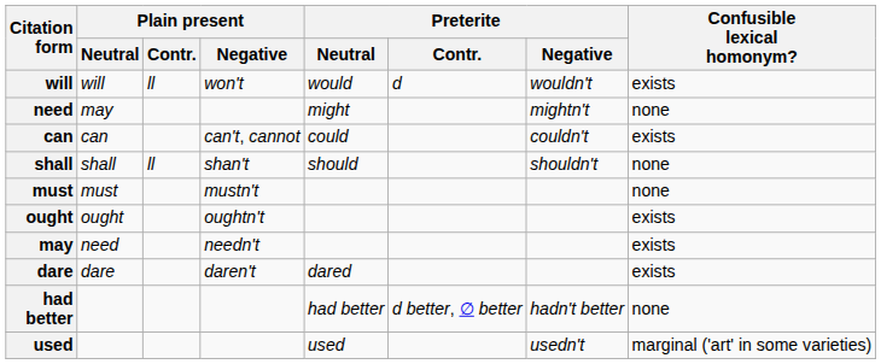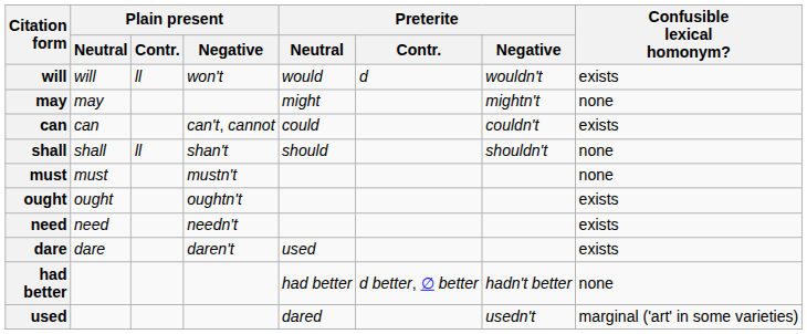 <table class="wikitable" | style="margin-left: auto; margin-right: auto; border: none;">
 <tr>
 <th rowspan="2" style="text-align:right;">Citation<br>form</th>
 <th colspan="3">Plain present</th>
 <th colspan="3">Preterite</th>
 <th rowspan="2">Confusible<br>lexical<br>homonym?</th>
 </tr>
 <tr>
 <th>Neutral</th>
 <th>Contr.</th>
 <th>Negative</th>
 <th>Neutral</th>
 <th>Contr.</th>
 <th>Negative</th>
 </tr>
 <tr>
 <th style="text-align:right;">will</th>
 <td><em>will</em></td>
 <td><em>ll</em></td>
 <td><em>won't</em></td>
 <td><em>would</em></td>
 <td><em>d</em></td>
 <td><em>wouldn't</em></td>
 <td>exists</td>
 </tr>
 <tr>
-<th style="text-align:right;">need</th>
+<th style="text-align:right;">may</th>
 <td><em>may</em></td>
 <td></td>
 <td></td>
 <td><em>might</em></td>
 <td></td>
 <td><em>mightn't</em></td>
 <td>none</td>
 </tr>
 <tr>
 <th style="text-align:right;">can</th>
 <td><em>can</em></td>
 <td></td>
 <td><em>can't</em>, <em>cannot</em></td>
 <td><em>could</em></td>
 <td></td>
 <td><em>couldn't</em></td>
 <td>exists</td>
 </tr>
 <tr>
 <th style="text-align:right;">shall</th>
 <td><em>shall</em></td>
 <td><em>ll</em></td>
 <td><em>shan't</em></td>
 <td><em>should</em></td>
 <td></td>
 <td><em>shouldn't</em></td>
 <td>none</td>
 </tr>
 <tr>
 <th style="text-align:right;">must</th>
 <td><em>must</em></td>
 <td></td>
 <td><em>mustn't</em></td>
 <td></td>
 <td></td>
 <td></td>
 <td>none</td>
 </tr>
 <tr>
 <th style="text-align:right;">ought</th>
 <td><em>ought</em></td>
 <td></td>
 <td><em>oughtn't</em></td>
 <td></td>
 <td></td>
 <td></td>
 <td>exists</td>
 </tr>
 <tr>
-<th style="text-align:right;">may</th>
+<th style="text-align:right;">need</th>
 <td><em>need</em></td>
 <td></td>
 <td><em>needn't</em></td>
 <td></td>
 <td></td>
 <td></td>
 <td>exists</td>
 </tr>
 <tr>
 <th style="text-align:right;">dare</th>
 <td><em>dare</em></td>
 <td></td>
 <td><em>daren't</em></td>
-<td><em>dared</em></td>
+<td><em>used</em></td>
 <td></td>
 <td></td>
 <td>exists</td>
 </tr>
 <tr>
 <th style="text-align:right;">had<br>better</th>
 <td></td>
 <td></td>
 <td></td>
 <td><em>had better</em></td>
 <td><em>d better</em>, <a href='#'>∅</a> <em>better</em></td>
 <td><em>hadn't better</em></td>
 <td>none</td>
 </tr>
 <tr>
 <th style="text-align:right;">used</th>
 <td></td>
 <td></td>
 <td></td>
-<td><em>used</em></td>
+<td><em>dared</em></td>
 <td></td>
 <td><em>usedn't</em></td>
 <td>marginal ('art' in some varieties)</td>
 </tr>
 <tr>
 </tr>
 </table>
